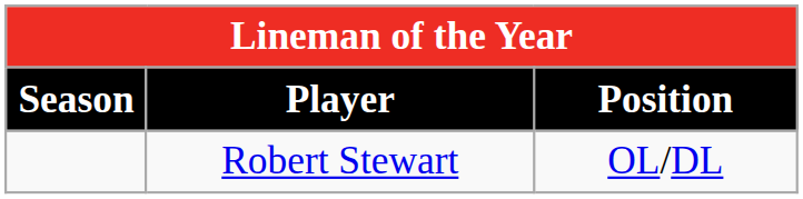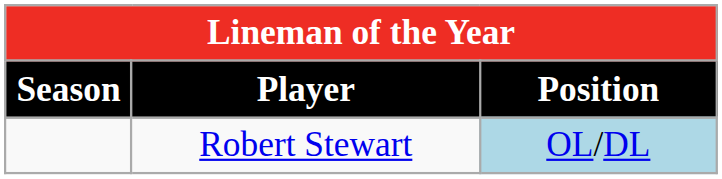 <table class="wikitable sortable" style="text-align:center">
 <tr>
 <td colspan="4" style="background:#EE2D24; color:white;"><strong>Lineman of the Year</strong></td>
 </tr>
 <tr>
 <th style="width:50px; background:#000; color:white;">Season</th>
 <th style="width:150px; background:#000; color:white;">Player</th>
 <th style="width:100px; background:#000; color:white;">Position</th>
 </tr>
 <tr>
 <td></td>
 <td><a href='#'>Robert Stewart</a></td>
-<td><a href='#'>OL</a>/<a href='#'>DL</a></td>
+<td style="background: lightblue;"><a href='#'>OL</a>/<a href='#'>DL</a></td>
 </tr>
 </table>
